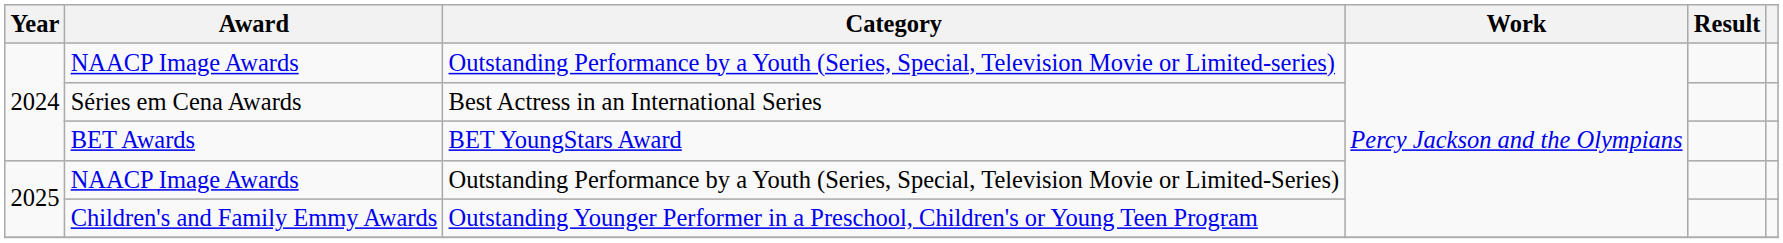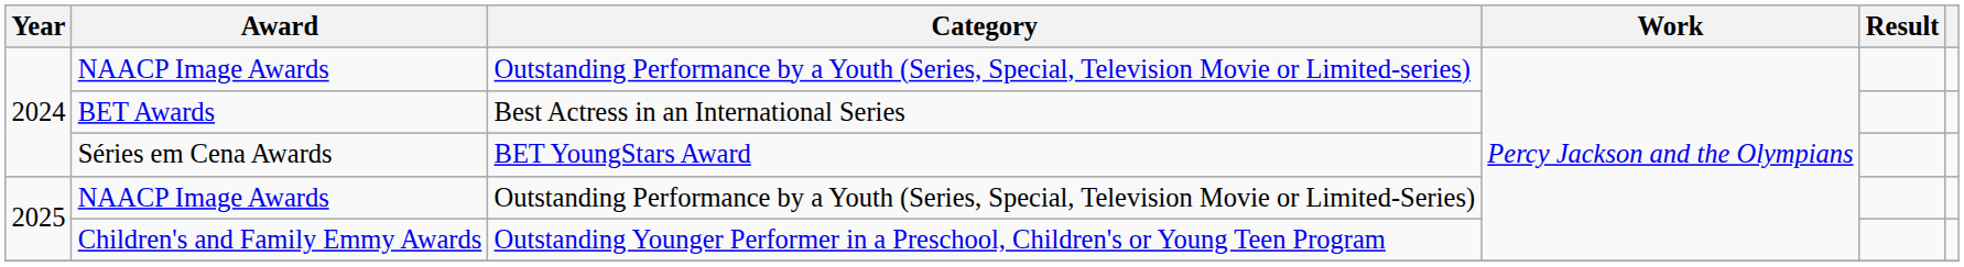 <table class="wikitable sortable plainrowheaders">
 <tr>
 <th scope="col">Year</th>
 <th scope="col">Award</th>
 <th scope="col">Category</th>
 <th scope="col">Work</th>
 <th scope="col">Result</th>
 <th scope="col" class="unsortable"></th>
 </tr>
 <tr>
 <td align="center" rowspan="3">2024</td>
 <td><a href='#'>NAACP Image Awards</a></td>
 <td><a href='#'>Outstanding Performance by a Youth (Series, Special, Television Movie or Limited-series)</a></td>
 <td rowspan="5"><em><a href='#'>Percy Jackson and the Olympians</a></em></td>
 <td></td>
 <td align="center"></td>
 </tr>
 <tr>
-<td>Séries em Cena Awards</td>
+<td><a href='#'>BET Awards</a></td>
 <td>Best Actress in an International Series</td>
 <td></td>
 <td align="center"></td>
 </tr>
 <tr>
-<td><a href='#'>BET Awards</a></td>
+<td>Séries em Cena Awards</td>
 <td><a href='#'>BET YoungStars Award</a></td>
 <td></td>
 <td style="text-align:center;"></td>
 </tr>
 <tr>
 <td align="center" rowspan="2">2025</td>
 <td><a href='#'>NAACP Image Awards</a></td>
 <td>Outstanding Performance by a Youth (Series, Special, Television Movie or Limited-Series)</td>
 <td></td>
 <td style="text-align:center;"></td>
 </tr>
 <tr>
 <td><a href='#'>Children's and Family Emmy Awards</a></td>
 <td><a href='#'>Outstanding Younger Performer in a Preschool, Children's or Young Teen Program</a></td>
 <td></td>
 <td style="text-align:center;"></td>
 </tr>
 <tr>
 </tr>
 </table>
